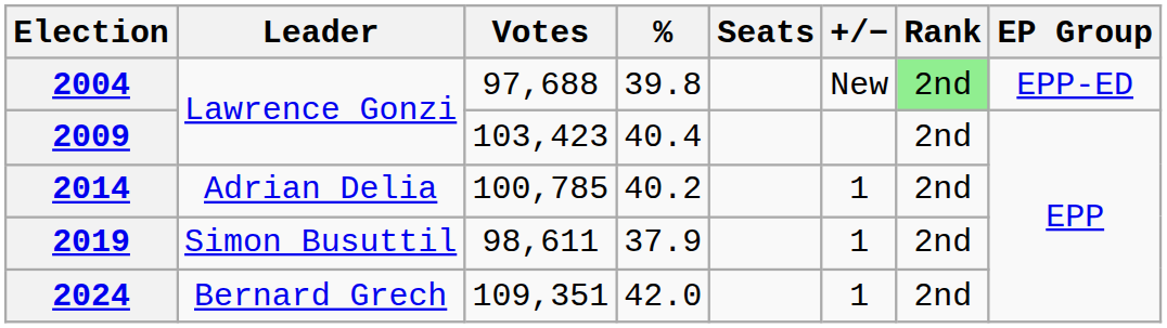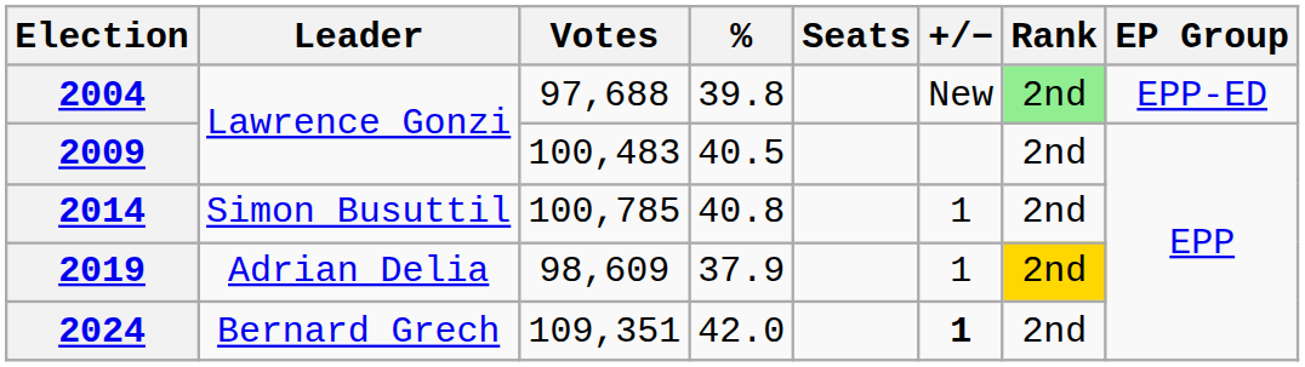 <table class="wikitable" style="text-align:center">
 <tr>
 <th>Election</th>
 <th>Leader</th>
 <th>Votes</th>
 <th>%</th>
 <th>Seats</th>
 <th>+/−</th>
 <th>Rank</th>
 <th>EP Group</th>
 </tr>
 <tr>
 <th><a href='#'>2004</a></th>
 <td rowspan="2"><a href='#'>Lawrence Gonzi</a></td>
 <td>97,688</td>
 <td>39.8</td>
 <td></td>
 <td>New</td>
 <td style="background: lightgreen;"> 2nd</td>
 <td><a href='#'>EPP-ED</a></td>
 </tr>
 <tr>
 <th><a href='#'>2009</a></th>
-<td>103,423</td>
-<td>40.4</td>
+<td>100,483</td>
+<td>40.5</td>
 <td></td>
 <td></td>
 <td> 2nd</td>
 <td rowspan="4"><a href='#'>EPP</a></td>
 </tr>
 <tr>
 <th><a href='#'>2014</a></th>
-<td><a href='#'>Adrian Delia</a></td>
+<td><a href='#'>Simon Busuttil</a></td>
 <td>100,785</td>
-<td>40.2</td>
+<td>40.8</td>
 <td></td>
 <td> 1</td>
 <td> 2nd</td>
 </tr>
 <tr>
 <th><a href='#'>2019</a></th>
-<td><a href='#'>Simon Busuttil</a></td>
-<td>98,611</td>
+<td><a href='#'>Adrian Delia</a></td>
+<td>98,609</td>
 <td>37.9</td>
 <td></td>
 <td> 1</td>
-<td> 2nd</td>
+<td style="background: gold;"> 2nd</td>
 </tr>
 <tr>
 <th><a href='#'>2024</a></th>
 <td><a href='#'>Bernard Grech</a></td>
 <td>109,351</td>
 <td>42.0</td>
 <td></td>
-<td> 1</td>
+<td><strong> 1</strong></td>
 <td> 2nd</td>
 </tr>
 </table>
